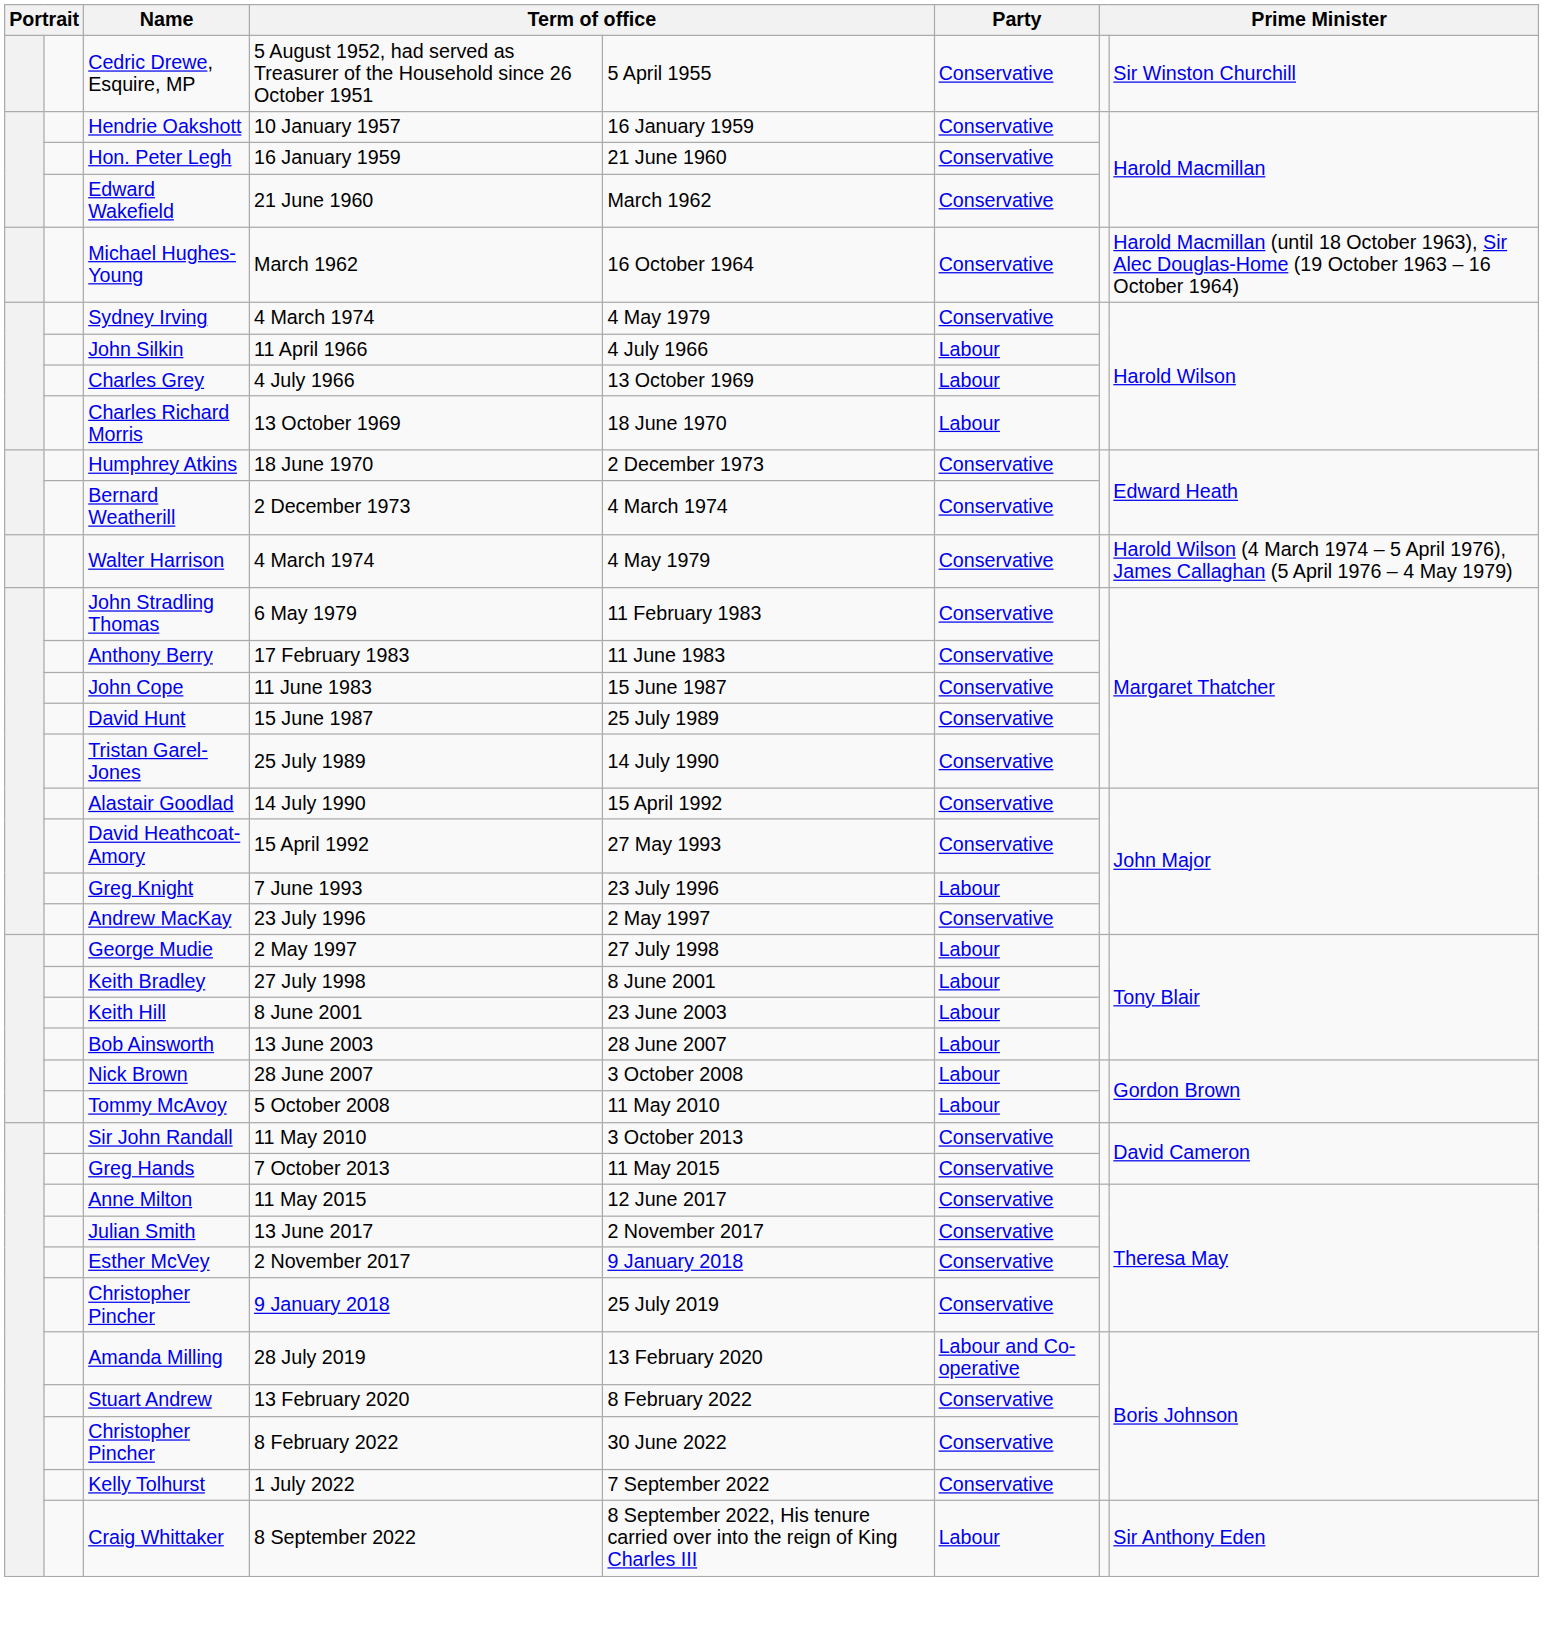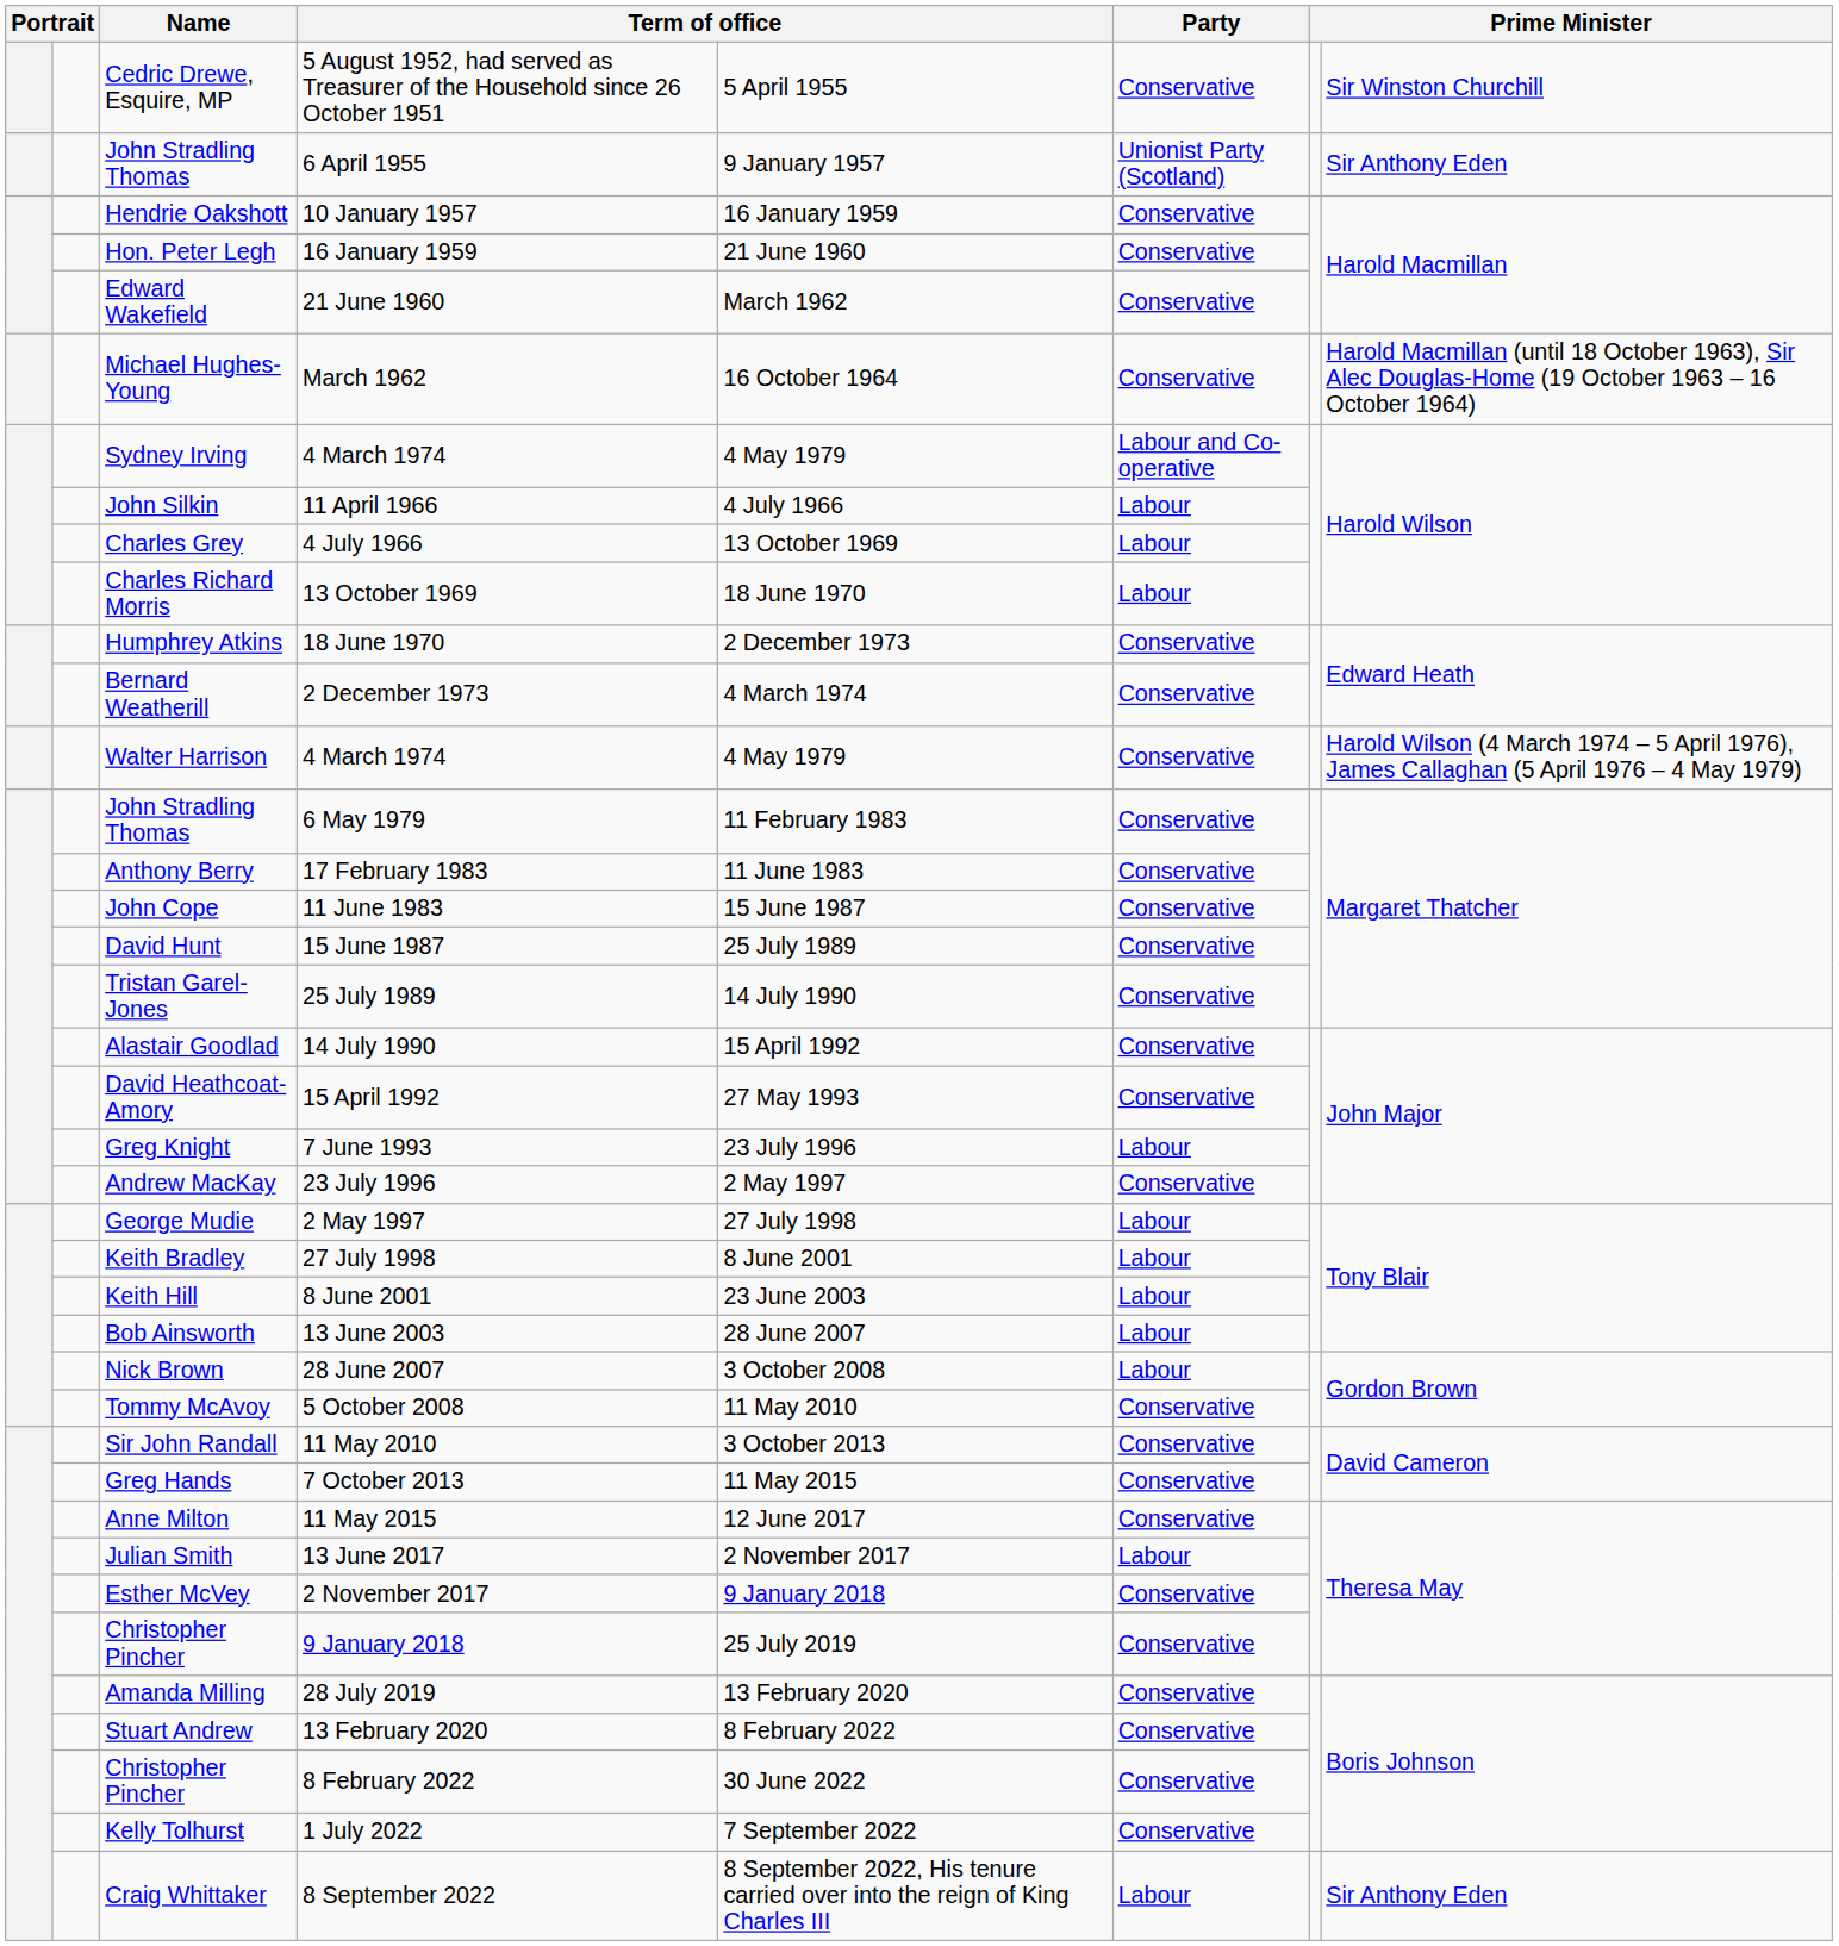 <table class="wikitable">
 <tr>
 <th colspan=2>Portrait</th>
 <th>Name</th>
 <th colspan=2>Term of office</th>
 <th>Party</th>
 <th colspan=2>Prime Minister</th>
 </tr>
 <tr>
 <th rowspan=1 style="background-color: "></th>
 <td></td>
 <td><a href='#'>Cedric Drewe</a>, Esquire, MP</td>
 <td>5 August 1952, had served as Treasurer of the Household since 26 October 1951</td>
 <td>5 April 1955</td>
 <td><a href='#'>Conservative</a></td>
 <td rowspan=1 style="background-color: "></td>
 <td rowspan=1><a href='#'>Sir Winston Churchill</a></td>
+</tr>
+<tr>
+<th rowspan=1 style="background-color: "></th>
+<td></td>
+<td><a href='#'>John Stradling Thomas</a></td>
+<td>6 April 1955</td>
+<td>9 January 1957</td>
+<td><a href='#'>Unionist Party (Scotland)</a></td>
+<td rowspan=1 style="background-color: "></td>
+<td rowspan=1><a href='#'>Sir Anthony Eden</a></td>
 </tr>
 <tr>
 <th rowspan=3 style="background-color: "></th>
 <td></td>
 <td><a href='#'>Hendrie Oakshott</a></td>
 <td>10 January 1957</td>
 <td>16 January 1959</td>
 <td><a href='#'>Conservative</a></td>
 <td rowspan=3 style="background-color: "></td>
 <td rowspan=3><a href='#'>Harold Macmillan</a></td>
 </tr>
 <tr>
 <td></td>
 <td><a href='#'>Hon. Peter Legh</a></td>
 <td>16 January 1959</td>
 <td>21 June 1960</td>
 <td><a href='#'>Conservative</a></td>
 </tr>
 <tr>
 <td></td>
 <td><a href='#'>Edward Wakefield</a></td>
 <td>21 June 1960</td>
 <td>March 1962</td>
 <td><a href='#'>Conservative</a></td>
 </tr>
 <tr>
 <th rowspan=1 style="background-color: "></th>
 <td></td>
 <td><a href='#'>Michael Hughes-Young</a></td>
 <td>March 1962</td>
 <td>16 October 1964</td>
 <td><a href='#'>Conservative</a></td>
 <td rowspan=1 style="background-color: "></td>
 <td rowspan=1><a href='#'>Harold Macmillan</a> (until 18 October 1963), <a href='#'>Sir Alec Douglas-Home</a> (19 October 1963 – 16 October 1964)</td>
 </tr>
 <tr>
 <th rowspan=4 style="background-color: "></th>
 <td></td>
 <td><a href='#'>Sydney Irving</a></td>
 <td>4 March 1974</td>
 <td>4 May 1979</td>
-<td><a href='#'>Conservative</a></td>
+<td><a href='#'>Labour and Co-operative</a></td>
 <td rowspan=4 style="background-color: "></td>
 <td rowspan=4><a href='#'>Harold Wilson</a></td>
 </tr>
 <tr>
 <td></td>
 <td><a href='#'>John Silkin</a></td>
 <td>11 April 1966</td>
 <td>4 July 1966</td>
 <td><a href='#'>Labour</a></td>
 </tr>
 <tr>
 <td></td>
 <td><a href='#'>Charles Grey</a></td>
 <td>4 July 1966</td>
 <td>13 October 1969</td>
 <td><a href='#'>Labour</a></td>
 </tr>
 <tr>
 <td></td>
 <td><a href='#'>Charles Richard Morris</a></td>
 <td>13 October 1969</td>
 <td>18 June 1970</td>
 <td><a href='#'>Labour</a></td>
 </tr>
 <tr>
 <th rowspan=2 style="background-color: "></th>
 <td></td>
 <td><a href='#'>Humphrey Atkins</a></td>
 <td>18 June 1970</td>
 <td>2 December 1973</td>
 <td><a href='#'>Conservative</a></td>
 <td rowspan="2" style="background-color: "></td>
 <td rowspan=2><a href='#'>Edward Heath</a></td>
 </tr>
 <tr>
 <td></td>
 <td><a href='#'>Bernard Weatherill</a></td>
 <td>2 December 1973</td>
 <td>4 March 1974</td>
 <td><a href='#'>Conservative</a></td>
 </tr>
 <tr>
 <th rowspan=1 style="background-color: "></th>
 <td></td>
 <td><a href='#'>Walter Harrison</a></td>
 <td>4 March 1974</td>
 <td>4 May 1979</td>
 <td><a href='#'>Conservative</a></td>
 <td rowspan=1 style="background-color: "></td>
 <td rowspan=1><a href='#'>Harold Wilson</a> (4 March 1974 – 5 April 1976), <a href='#'>James Callaghan</a> (5 April 1976 – 4 May 1979)</td>
 </tr>
 <tr>
 <th rowspan=9 style="background-color: "></th>
 <td></td>
 <td><a href='#'>John Stradling Thomas</a></td>
 <td>6 May 1979</td>
 <td>11 February 1983</td>
 <td><a href='#'>Conservative</a></td>
 <td rowspan="5" style="background-color: "></td>
 <td rowspan=5><a href='#'>Margaret Thatcher</a></td>
 </tr>
 <tr>
 <td></td>
 <td><a href='#'>Anthony Berry</a></td>
 <td>17 February 1983</td>
 <td>11 June 1983</td>
 <td><a href='#'>Conservative</a></td>
 </tr>
 <tr>
 <td></td>
 <td><a href='#'>John Cope</a></td>
 <td>11 June 1983</td>
 <td>15 June 1987</td>
 <td><a href='#'>Conservative</a></td>
 </tr>
 <tr>
 <td></td>
 <td><a href='#'>David Hunt</a></td>
 <td>15 June 1987</td>
 <td>25 July 1989</td>
 <td><a href='#'>Conservative</a></td>
 </tr>
 <tr>
 <td></td>
 <td><a href='#'>Tristan Garel-Jones</a></td>
 <td>25 July 1989</td>
 <td>14 July 1990</td>
 <td><a href='#'>Conservative</a></td>
 </tr>
 <tr>
 <td></td>
 <td><a href='#'>Alastair Goodlad</a></td>
 <td>14 July 1990</td>
 <td>15 April 1992</td>
 <td><a href='#'>Conservative</a></td>
 <td rowspan="4" style="background-color: "></td>
 <td rowspan=4><a href='#'>John Major</a></td>
 </tr>
 <tr>
 <td></td>
 <td><a href='#'>David Heathcoat-Amory</a></td>
 <td>15 April 1992</td>
 <td>27 May 1993</td>
 <td><a href='#'>Conservative</a></td>
 </tr>
 <tr>
 <td></td>
 <td><a href='#'>Greg Knight</a></td>
 <td>7 June 1993</td>
 <td>23 July 1996</td>
 <td><a href='#'>Labour</a></td>
 </tr>
 <tr>
 <td></td>
 <td><a href='#'>Andrew MacKay</a></td>
 <td>23 July 1996</td>
 <td>2 May 1997</td>
 <td><a href='#'>Conservative</a></td>
 </tr>
 <tr>
 <th rowspan=6 style="background-color: "></th>
 <td></td>
 <td><a href='#'>George Mudie</a></td>
 <td>2 May 1997</td>
 <td>27 July 1998</td>
 <td><a href='#'>Labour</a></td>
 <td rowspan=4 style="background-color: "></td>
 <td rowspan=4><a href='#'>Tony Blair</a></td>
 </tr>
 <tr>
 <td></td>
 <td><a href='#'>Keith Bradley</a></td>
 <td>27 July 1998</td>
 <td>8 June 2001</td>
 <td><a href='#'>Labour</a></td>
 </tr>
 <tr>
 <td></td>
 <td><a href='#'>Keith Hill</a></td>
 <td>8 June 2001</td>
 <td>23 June 2003</td>
 <td><a href='#'>Labour</a></td>
 </tr>
 <tr>
 <td></td>
 <td><a href='#'>Bob Ainsworth</a></td>
 <td>13 June 2003</td>
 <td>28 June 2007</td>
 <td><a href='#'>Labour</a></td>
 </tr>
 <tr>
 <td></td>
 <td><a href='#'>Nick Brown</a></td>
 <td>28 June 2007</td>
 <td>3 October 2008</td>
 <td><a href='#'>Labour</a></td>
 <td rowspan=2 style="background-color: "></td>
 <td rowspan=2><a href='#'>Gordon Brown</a></td>
 </tr>
 <tr>
 <td></td>
 <td><a href='#'>Tommy McAvoy</a></td>
 <td>5 October 2008</td>
 <td>11 May 2010</td>
-<td><a href='#'>Labour</a></td>
+<td><a href='#'>Conservative</a></td>
 </tr>
 <tr>
 <th rowspan=12 style="background-color: "></th>
 <td></td>
 <td><a href='#'>Sir John Randall</a></td>
 <td>11 May 2010</td>
 <td>3 October 2013</td>
 <td><a href='#'>Conservative</a></td>
 <td rowspan="3" style="background-color: "></td>
 <td rowspan=3><a href='#'>David Cameron</a></td>
 </tr>
 <tr>
 <td></td>
 <td><a href='#'>Greg Hands</a></td>
 <td>7 October 2013</td>
 <td>11 May 2015</td>
 <td><a href='#'>Conservative</a></td>
 </tr>
 <tr>
 <td rowspan="2"></td>
 <td rowspan="2"><a href='#'>Anne Milton</a></td>
 <td rowspan="2">11 May 2015</td>
 <td rowspan="2">12 June 2017</td>
 <td rowspan="2"><a href='#'>Conservative</a></td>
 </tr>
 <tr>
 <td rowspan=4 style="background-color: "></td>
 <td rowspan=4><a href='#'>Theresa May</a></td>
 </tr>
 <tr>
 <td></td>
 <td><a href='#'>Julian Smith</a></td>
 <td>13 June 2017</td>
 <td>2 November 2017</td>
-<td><a href='#'>Conservative</a></td>
+<td><a href='#'>Labour</a></td>
 </tr>
 <tr>
 <td></td>
 <td><a href='#'>Esther McVey</a></td>
 <td>2 November 2017</td>
 <td><a href='#'>9 January 2018</a></td>
 <td><a href='#'>Conservative</a></td>
 </tr>
 <tr>
 <td></td>
 <td><a href='#'>Christopher Pincher</a></td>
 <td><a href='#'>9 January 2018</a></td>
 <td>25 July 2019</td>
 <td><a href='#'>Conservative</a></td>
 </tr>
 <tr>
 <td></td>
 <td><a href='#'>Amanda Milling</a></td>
 <td>28 July 2019</td>
 <td>13 February 2020</td>
-<td><a href='#'>Labour and Co-operative</a></td>
+<td><a href='#'>Conservative</a></td>
 <td rowspan=4 style="background-color: "></td>
 <td rowspan=4><a href='#'>Boris Johnson</a></td>
 </tr>
 <tr>
 <td></td>
 <td><a href='#'>Stuart Andrew</a></td>
 <td>13 February 2020</td>
 <td>8 February 2022</td>
 <td><a href='#'>Conservative</a></td>
 </tr>
 <tr>
 <td></td>
 <td><a href='#'>Christopher Pincher</a></td>
 <td>8 February 2022</td>
 <td>30 June 2022</td>
 <td><a href='#'>Conservative</a></td>
 </tr>
 <tr>
 <td></td>
 <td><a href='#'>Kelly Tolhurst</a></td>
 <td>1 July 2022</td>
 <td>7 September 2022</td>
 <td><a href='#'>Conservative</a></td>
 </tr>
 <tr>
 <td></td>
 <td><a href='#'>Craig Whittaker</a></td>
 <td>8 September 2022</td>
 <td>8 September 2022, His tenure carried over into the reign of King <a href='#'>Charles III</a></td>
 <td><a href='#'>Labour</a></td>
 <td style="background-color: "></td>
 <td rowspan=1><a href='#'>Sir Anthony Eden</a></td>
 </tr>
 </table>
